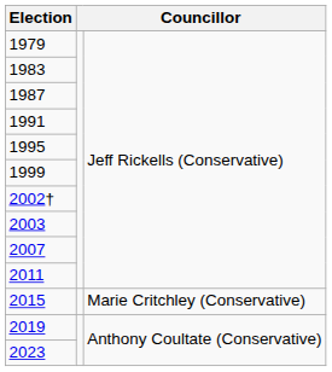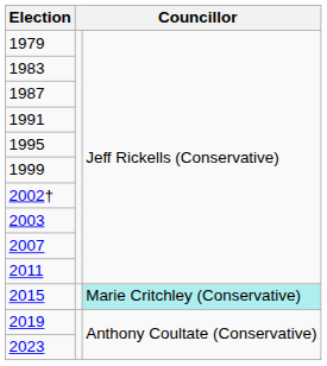 <table class="wikitable">
 <tr>
 <th>Election</th>
 <th colspan="2">Councillor</th>
 </tr>
 <tr>
 <td>1979</td>
 <td rowspan="10" style="background-color: "></td>
 <td rowspan="10">Jeff Rickells (Conservative)</td>
 </tr>
 <tr>
 <td>1983</td>
 </tr>
 <tr>
 <td>1987</td>
 </tr>
 <tr>
 <td>1991</td>
 </tr>
 <tr>
 <td>1995</td>
 </tr>
 <tr>
 <td>1999</td>
 </tr>
 <tr>
 <td><a href='#'>2002</a>†</td>
 </tr>
 <tr>
 <td><a href='#'>2003</a></td>
 </tr>
 <tr>
 <td><a href='#'>2007</a></td>
 </tr>
 <tr>
 <td><a href='#'>2011</a></td>
 </tr>
 <tr>
 <td><a href='#'>2015</a></td>
 <td style="background-color: "></td>
-<td>Marie Critchley (Conservative)</td>
+<td style="background: paleturquoise;">Marie Critchley (Conservative)</td>
 </tr>
 <tr>
 <td><a href='#'>2019</a></td>
 <td rowspan="2" style="background-color: "></td>
 <td rowspan="2">Anthony Coultate (Conservative)</td>
 </tr>
 <tr>
 <td><a href='#'>2023</a></td>
 </tr>
 </table>
